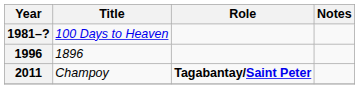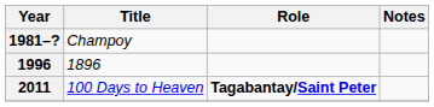 <table class="wikitable plainrowheaders sortable">
 <tr>
 <th scope="col">Year</th>
 <th scope="col">Title</th>
 <th scope="col">Role</th>
 <th scope="col" class="unsortable">Notes</th>
 </tr>
 <tr>
 <th scope="row">1981–?</th>
-<td><em><a href='#'>100 Days to Heaven</a></em></td>
+<td><em>Champoy</em></td>
 <td></td>
 <td></td>
 </tr>
 <tr>
 <th scope="row">1996</th>
 <td><em>1896</em></td>
 <td></td>
 <td></td>
 </tr>
 <tr>
 <th scope="row">2011</th>
-<td><em>Champoy</em></td>
+<td><em><a href='#'>100 Days to Heaven</a></em></td>
 <td><strong>Tagabantay/<a href='#'>Saint Peter</a></strong></td>
 <td></td>
 </tr>
 <tr>
 </tr>
 </table>
